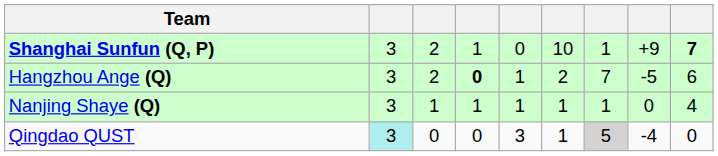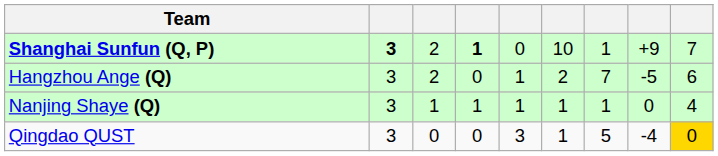 <table class="wikitable" style="text-align:center;">
 <tr>
 <th width=310>Team</th>
 <th width=30></th>
 <th width=30></th>
 <th width=30></th>
 <th width=30></th>
 <th width=30></th>
 <th width=30></th>
 <th width=30></th>
 <th width=30></th>
 </tr>
 <tr bgcolor="#ccffcc">
 <td align="left"><strong><a href='#'>Shanghai Sunfun</a> (Q, P)</strong></td>
-<td>3</td>
+<td><strong>3</strong></td>
 <td>2</td>
-<td>1</td>
+<td><strong>1</strong></td>
 <td>0</td>
 <td>10</td>
 <td>1</td>
 <td>+9</td>
-<td><strong>7</strong></td>
+<td>7</td>
 </tr>
 <tr bgcolor="#ccffcc">
 <td align="left"><a href='#'>Hangzhou Ange</a> <strong>(Q)</strong></td>
 <td>3</td>
 <td>2</td>
-<td><strong>0</strong></td>
+<td>0</td>
 <td>1</td>
 <td>2</td>
 <td>7</td>
 <td>-5</td>
 <td>6</td>
 </tr>
 <tr bgcolor="#ccffcc">
 <td align="left"><a href='#'>Nanjing Shaye</a> <strong>(Q)</strong></td>
 <td>3</td>
 <td>1</td>
 <td>1</td>
 <td>1</td>
 <td>1</td>
 <td>1</td>
 <td>0</td>
 <td>4</td>
 </tr>
 <tr>
 <td align="left"><a href='#'>Qingdao QUST</a></td>
-<td style="background: paleturquoise;">3</td>
+<td>3</td>
 <td>0</td>
 <td>0</td>
 <td>3</td>
 <td>1</td>
-<td style="background: lightgrey;">5</td>
+<td>5</td>
 <td>-4</td>
-<td>0</td>
+<td style="background: gold;">0</td>
 </tr>
 </table>
